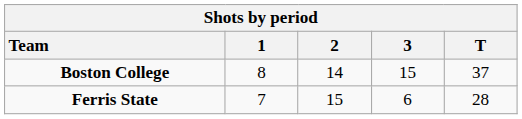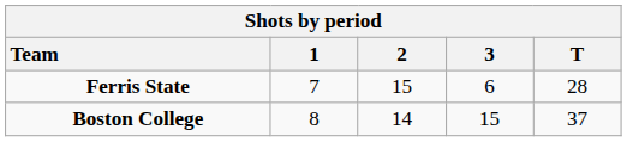 <table class="wikitable" style="width:30em; text-align:right;">
 <tr>
 <th colspan=5>Shots by period</th>
 </tr>
 <tr>
 <th style="width:10em; text-align:left;">Team</th>
 <th style="width:3em;">1</th>
 <th style="width:3em;">2</th>
 <th style="width:3em;">3</th>
 <th style="width:3em;">T</th>
 </tr>
 <tr>
+<td align=center><strong>Ferris State</strong></td>
+<td align=center>7</td>
+<td align=center>15</td>
+<td align=center>6</td>
+<td align=center>28</td>
+</tr>
+<tr>
 <td align=center><strong>Boston College</strong></td>
 <td align=center>8</td>
 <td align=center>14</td>
 <td align=center>15</td>
 <td align=center>37</td>
 </tr>
-<tr>
-<td align=center><strong>Ferris State</strong></td>
-<td align=center>7</td>
-<td align=center>15</td>
-<td align=center>6</td>
-<td align=center>28</td>
-</tr>
 </table>
